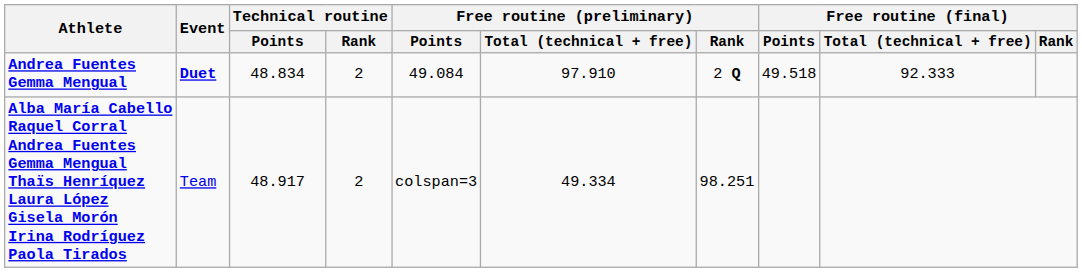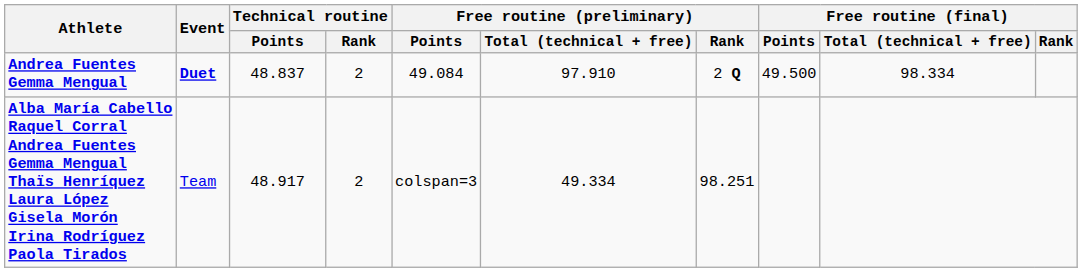 <table class="wikitable" style="font-size:90%">
 <tr>
 <th rowspan="2">Athlete</th>
 <th rowspan="2">Event</th>
 <th colspan=2>Technical routine</th>
 <th colspan=3>Free routine (preliminary)</th>
 <th colspan=3>Free routine (final)</th>
 </tr>
 <tr style="font-size:95%">
 <th>Points</th>
 <th>Rank</th>
 <th>Points</th>
 <th>Total (technical + free)</th>
 <th>Rank</th>
 <th>Points</th>
 <th>Total (technical + free)</th>
 <th>Rank</th>
 </tr>
 <tr align=center>
 <td align=left><strong><a href='#'>Andrea Fuentes</a></strong><br><strong><a href='#'>Gemma Mengual</a></strong></td>
 <td align=left><strong><a href='#'>Duet</a></strong></td>
-<td>48.834</td>
+<td>48.837</td>
 <td>2</td>
 <td>49.084</td>
 <td>97.910</td>
 <td>2 <strong>Q</strong></td>
-<td>49.518</td>
-<td>92.333</td>
+<td>49.500</td>
+<td>98.334</td>
 <td></td>
 </tr>
 <tr align=center>
 <td align=left><strong><a href='#'>Alba María Cabello</a><br><a href='#'>Raquel Corral</a><br><a href='#'>Andrea Fuentes</a><br><a href='#'>Gemma Mengual</a><br><a href='#'>Thaïs Henríquez</a><br><a href='#'>Laura López</a><br><a href='#'>Gisela Morón</a><br><a href='#'>Irina Rodríguez</a><br><a href='#'>Paola Tirados</a></strong></td>
 <td align=left><a href='#'>Team</a></td>
 <td>48.917</td>
 <td>2</td>
 <td>colspan=3 </td>
 <td>49.334</td>
 <td>98.251</td>
 <td></td>
 </tr>
 </table>
